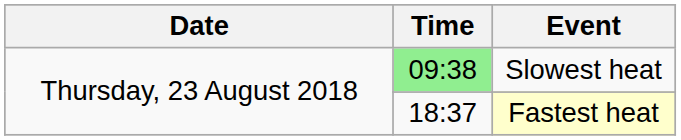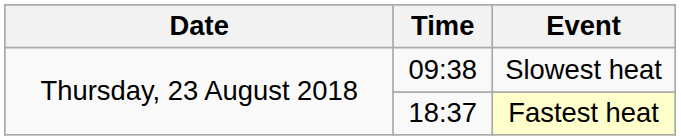 <table class = "wikitable" style="text-align:center;">
 <tr>
 <th width=220>Date</th>
 <th width=50>Time</th>
 <th width=100>Event</th>
 </tr>
 <tr>
 <td rowspan=2>Thursday, 23 August 2018</td>
-<td style="background: lightgreen;">09:38</td>
+<td>09:38</td>
 <td>Slowest heat</td>
 </tr>
 <tr>
 <td>18:37</td>
 <td bgcolor=ffffcc>Fastest heat</td>
 </tr>
 </table>
